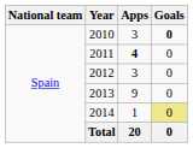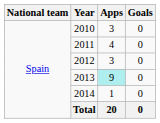 <table class="wikitable" style="text-align:center">
 <tr>
 <th>National team</th>
 <th>Year</th>
 <th>Apps</th>
 <th>Goals</th>
 </tr>
 <tr>
 <td rowspan="6"><a href='#'>Spain</a></td>
 <td>2010</td>
 <td>3</td>
-<td><strong>0</strong></td>
+<td>0</td>
 </tr>
 <tr>
 <td>2011</td>
-<td><strong>4</strong></td>
+<td>4</td>
 <td>0</td>
 </tr>
 <tr>
 <td>2012</td>
 <td>3</td>
 <td>0</td>
 </tr>
 <tr>
 <td>2013</td>
-<td>9</td>
+<td style="background: paleturquoise;">9</td>
 <td>0</td>
 </tr>
 <tr>
 <td>2014</td>
 <td>1</td>
-<td style="background: khaki;">0</td>
+<td>0</td>
 </tr>
 <tr>
 <th colspan="1">Total</th>
 <th>20</th>
 <th>0</th>
 </tr>
 </table>
